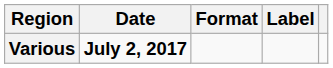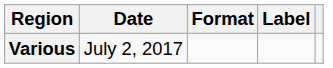 <table class="wikitable plainrowheaders">
 <tr>
 <th scope="col">Region</th>
 <th scope="col">Date</th>
 <th scope="col">Format</th>
 <th scope="col">Label</th>
 <th scope="col"></th>
 </tr>
 <tr>
 <th rowspan="2" scope="row">Various</th>
-<td><strong>July 2, 2017</strong></td>
+<td>July 2, 2017</td>
 <td></td>
 <td></td>
 <td></td>
 </tr>
 </table>
